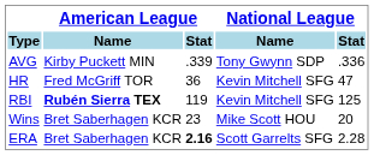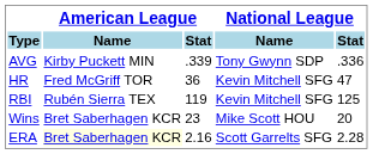 <table cellpadding="1" style="width:auto;font-size: 90%; border: 1px solid gray;">
 <tr align="center" style="font-size: larger;">
 <td> </td>
 <th colspan=2><a href='#'>American League</a></th>
 <th colspan=2><a href='#'>National League</a></th>
 </tr>
 <tr style="background:lightblue;">
 <th>Type</th>
 <th>Name</th>
 <th>Stat</th>
 <th>Name</th>
 <th>Stat</th>
 </tr>
 <tr align="center" style="vertical-align: middle;" style="background:lightblue;">
 </tr>
 <tr>
 <td><a href='#'>AVG</a></td>
 <td><a href='#'>Kirby Puckett</a> MIN</td>
 <td>.339</td>
 <td><a href='#'>Tony Gwynn</a> SDP</td>
 <td>.336</td>
 </tr>
 <tr>
 <td><a href='#'>HR</a></td>
 <td><a href='#'>Fred McGriff</a> TOR</td>
 <td>36</td>
 <td><a href='#'>Kevin Mitchell</a> SFG</td>
 <td>47</td>
 </tr>
 <tr>
 <td><a href='#'>RBI</a></td>
-<td><strong><a href='#'>Rubén Sierra</a> TEX</strong></td>
+<td><a href='#'>Rubén Sierra</a> TEX</td>
 <td>119</td>
 <td><a href='#'>Kevin Mitchell</a> SFG</td>
 <td>125</td>
 </tr>
 <tr>
 <td><a href='#'>Wins</a></td>
 <td><a href='#'>Bret Saberhagen</a> KCR</td>
 <td>23</td>
 <td><a href='#'>Mike Scott</a> HOU</td>
 <td>20</td>
 </tr>
 <tr>
 <td><a href='#'>ERA</a></td>
-<td><a href='#'>Bret Saberhagen</a> KCR</td>
-<td><strong>2.16</strong></td>
+<td style="background: lightyellow;"><a href='#'>Bret Saberhagen</a> KCR</td>
+<td>2.16</td>
 <td><a href='#'>Scott Garrelts</a> SFG</td>
 <td>2.28</td>
 </tr>
 </table>
